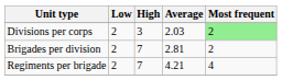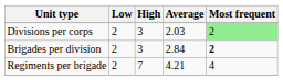 <table class="wikitable" style="display: inline-table;">
 <tr>
 <th><strong>Unit type</strong></th>
 <th><strong>Low</strong></th>
 <th><strong>High</strong></th>
 <th><strong>Average</strong></th>
 <th><strong>Most frequent</strong></th>
 </tr>
 <tr>
 </tr>
 <tr>
 <td>Divisions per corps</td>
 <td>2</td>
 <td>3</td>
 <td>2.03</td>
 <td style="background: lightgreen;">2</td>
 </tr>
 <tr>
 <td>Brigades per division</td>
 <td>2</td>
-<td>7</td>
-<td>2.81</td>
-<td>2</td>
+<td>3</td>
+<td>2.84</td>
+<td><strong>2</strong></td>
 </tr>
 <tr>
 <td>Regiments per brigade</td>
 <td>2</td>
 <td>7</td>
 <td>4.21</td>
 <td>4</td>
 </tr>
 <tr>
 </tr>
 </table>
